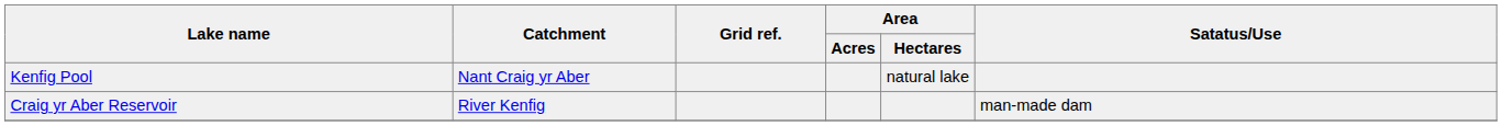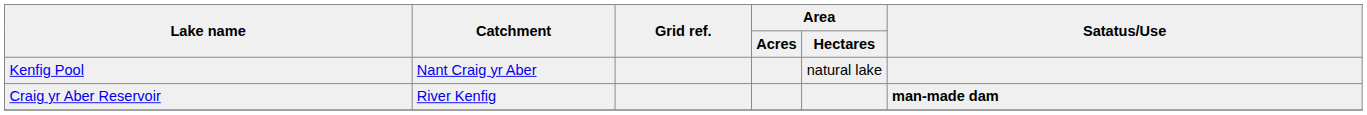 <table border=1 cellspacing=10 cellpadding=5 style="border-collapse: collapse; background:#f0f0f0;" class="sortable">
 <tr>
 <th rowspan=2 width=30%>Lake name</th>
 <th rowspan=2 width=15%>Catchment</th>
 <th rowspan=2 width=10%>Grid ref.</th>
 <th colspan=2 width=10%>Area</th>
 <th rowspan=2 width=35%>Satatus/Use</th>
 </tr>
 <tr>
 <th>Acres</th>
 <th>Hectares</th>
 </tr>
 <tr>
 <td><a href='#'>Kenfig Pool</a></td>
 <td><a href='#'>Nant Craig yr Aber</a></td>
 <td></td>
 <td></td>
 <td>natural lake</td>
 </tr>
 <tr>
 <td><a href='#'>Craig yr Aber Reservoir</a></td>
 <td><a href='#'>River Kenfig</a></td>
 <td></td>
 <td></td>
 <td></td>
-<td>man-made dam</td>
+<td><strong>man-made dam</strong></td>
 </tr>
 <tr>
 </tr>
 </table>
